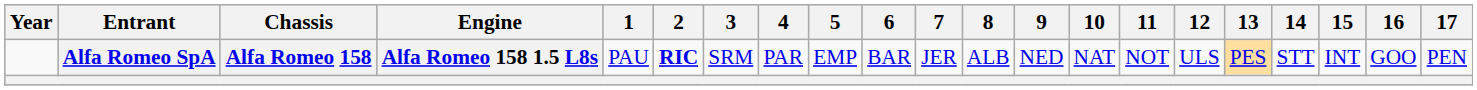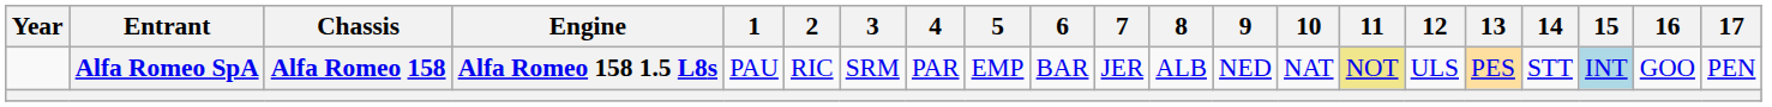 <table class="wikitable" style="text-align:center; font-size:85%">
 <tr>
 <th>Year</th>
 <th>Entrant</th>
 <th>Chassis</th>
 <th>Engine</th>
 <th>1</th>
 <th>2</th>
 <th>3</th>
 <th>4</th>
 <th>5</th>
 <th>6</th>
 <th>7</th>
 <th>8</th>
 <th>9</th>
 <th>10</th>
 <th>11</th>
 <th>12</th>
 <th>13</th>
 <th>14</th>
 <th>15</th>
 <th>16</th>
 <th>17</th>
 </tr>
 <tr>
 <td></td>
 <th nowrap><a href='#'>Alfa Romeo SpA</a></th>
 <th nowrap><a href='#'>Alfa Romeo</a> <a href='#'>158</a></th>
 <th nowrap><a href='#'>Alfa Romeo</a> 158 1.5 <a href='#'>L8</a><a href='#'>s</a></th>
 <td><a href='#'>PAU</a></td>
-<td><strong><a href='#'>RIC</a></strong></td>
+<td><a href='#'>RIC</a></td>
 <td><a href='#'>SRM</a></td>
 <td><a href='#'>PAR</a></td>
 <td><a href='#'>EMP</a></td>
 <td><a href='#'>BAR</a></td>
 <td><a href='#'>JER</a></td>
 <td><a href='#'>ALB</a></td>
 <td><a href='#'>NED</a></td>
 <td><a href='#'>NAT</a></td>
-<td><a href='#'>NOT</a></td>
+<td style="background: khaki;"><a href='#'>NOT</a></td>
 <td><a href='#'>ULS</a></td>
 <td style="background:#ffdf9f;"><a href='#'>PES</a><br></td>
 <td><a href='#'>STT</a></td>
-<td><a href='#'>INT</a></td>
+<td style="background: lightblue;"><a href='#'>INT</a></td>
 <td><a href='#'>GOO</a></td>
 <td><a href='#'>PEN</a></td>
 </tr>
 <tr>
 <th colspan="21"></th>
 </tr>
 </table>
